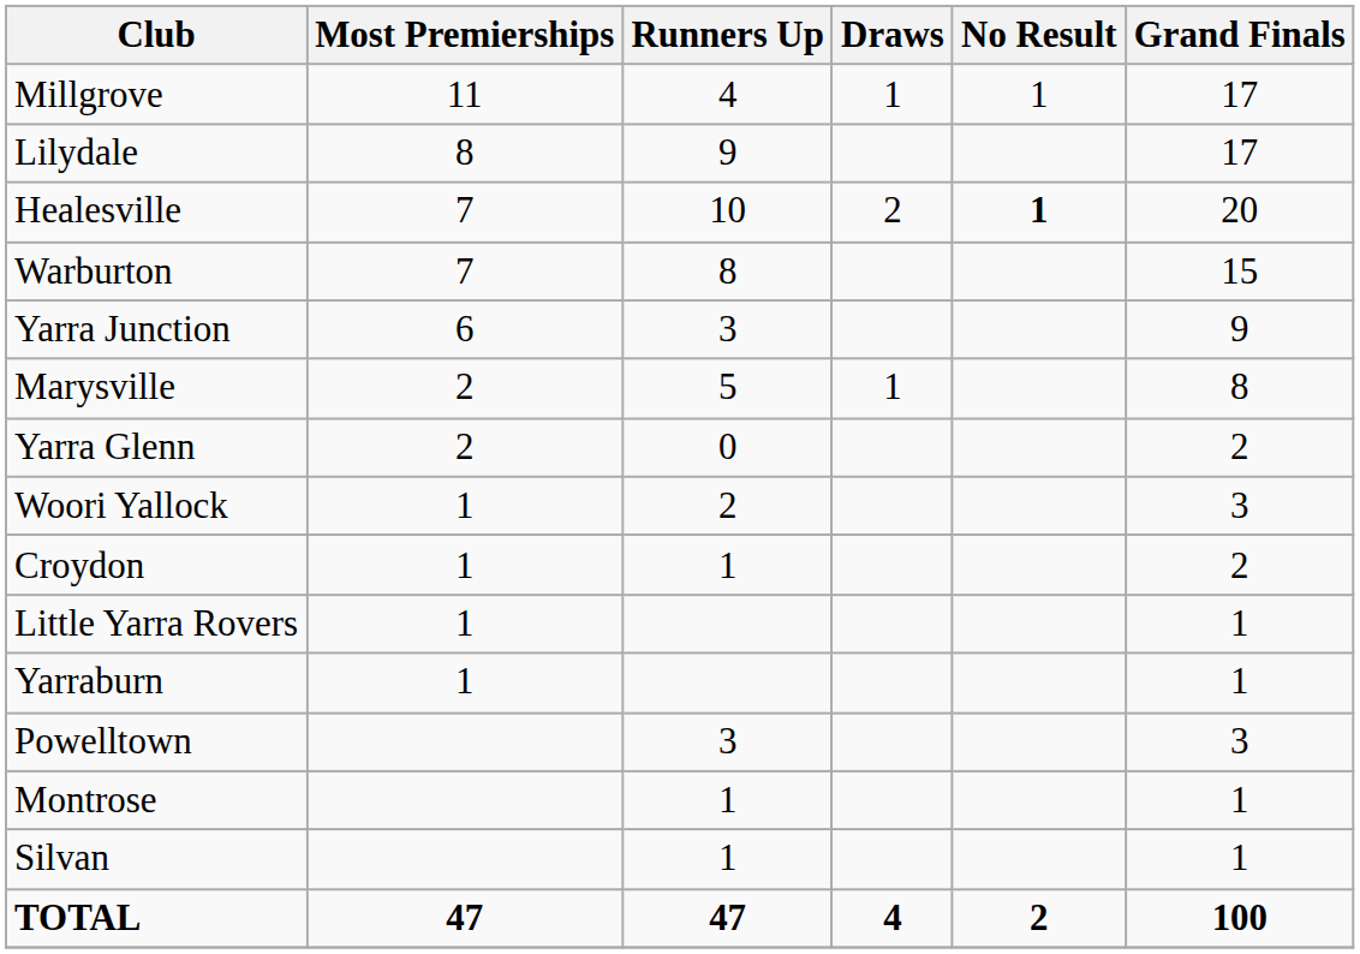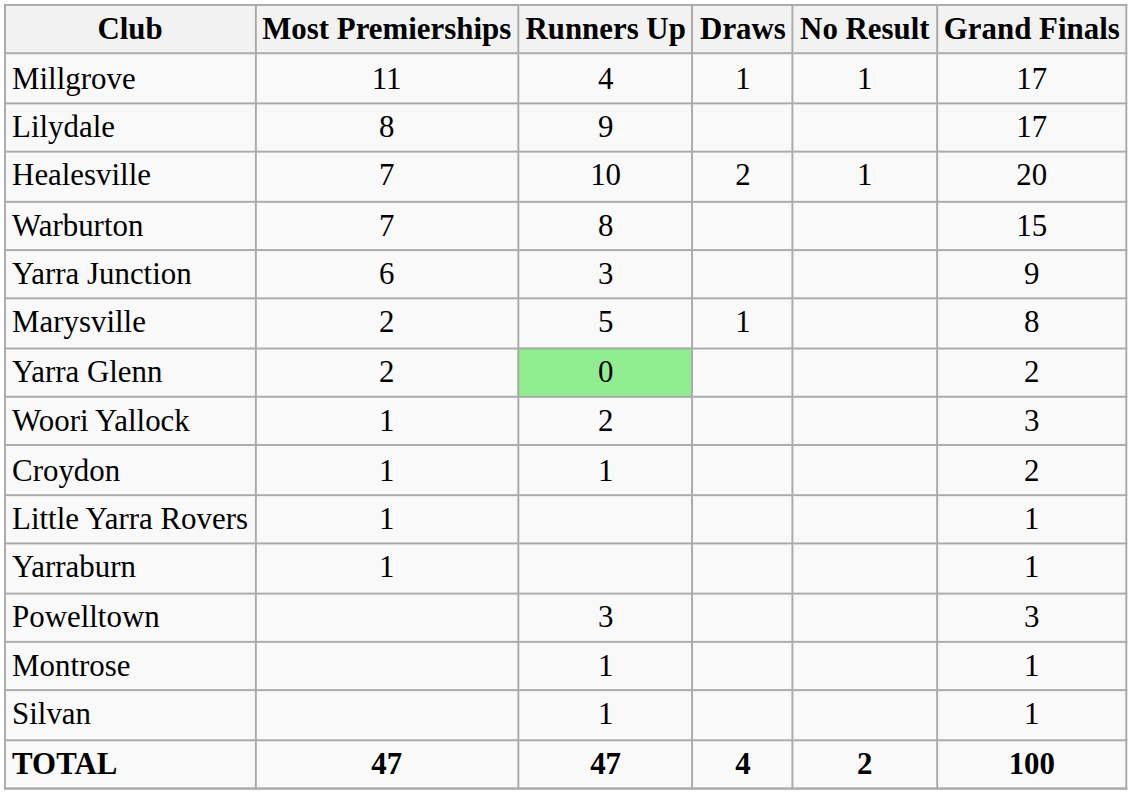 <table class="wikitable collapsible collapsed">
 <tr>
 <th>Club</th>
 <th><span><strong>Most Premierships</strong></span></th>
 <th>Runners Up</th>
 <th>Draws</th>
 <th>No Result</th>
 <th>Grand Finals</th>
 </tr>
 <tr>
 <td>Millgrove</td>
 <td align=center>11</td>
 <td align=center>4</td>
 <td align=center>1</td>
 <td align=center>1</td>
 <td align=center>17</td>
 </tr>
 <tr>
 <td>Lilydale</td>
 <td align=center>8</td>
 <td align=center>9</td>
 <td align=center></td>
 <td></td>
 <td align=center>17</td>
 </tr>
 <tr>
 <td>Healesville</td>
 <td align=center>7</td>
 <td align=center>10</td>
 <td align=center>2</td>
-<td align=center><strong>1</strong></td>
+<td align=center>1</td>
 <td align=center>20</td>
 </tr>
 <tr>
 <td>Warburton</td>
 <td align=center>7</td>
 <td align=center>8</td>
 <td align=center></td>
 <td></td>
 <td align=center>15</td>
 </tr>
 <tr>
 <td>Yarra Junction</td>
 <td align=center>6</td>
 <td align=center>3</td>
 <td align=center></td>
 <td></td>
 <td align=center>9</td>
 </tr>
 <tr>
 <td>Marysville</td>
 <td align=center>2</td>
 <td align=center>5</td>
 <td align=center>1</td>
 <td></td>
 <td align=center>8</td>
 </tr>
 <tr>
 <td>Yarra Glenn</td>
 <td align=center>2</td>
-<td align=center>0</td>
+<td align=center style="background: lightgreen;">0</td>
 <td align=center></td>
 <td></td>
 <td align=center>2</td>
 </tr>
 <tr>
 <td>Woori Yallock</td>
 <td align=center>1</td>
 <td align=center>2</td>
 <td align=center></td>
 <td></td>
 <td align=center>3</td>
 </tr>
 <tr>
 <td>Croydon</td>
 <td align=center>1</td>
 <td align=center>1</td>
 <td align=center></td>
 <td></td>
 <td align=center>2</td>
 </tr>
 <tr>
 <td>Little Yarra Rovers</td>
 <td align=center>1</td>
 <td align=center></td>
 <td align=center></td>
 <td></td>
 <td align=center>1</td>
 </tr>
 <tr>
 <td>Yarraburn</td>
 <td align=center>1</td>
 <td align=center></td>
 <td align=center></td>
 <td></td>
 <td align=center>1</td>
 </tr>
 <tr>
 <td>Powelltown</td>
 <td align=center></td>
 <td align=center>3</td>
 <td align=center></td>
 <td></td>
 <td align=center>3</td>
 </tr>
 <tr>
 <td>Montrose</td>
 <td align=center></td>
 <td align=center>1</td>
 <td align=center></td>
 <td></td>
 <td align=center>1</td>
 </tr>
 <tr>
 <td>Silvan</td>
 <td align=center></td>
 <td align=center>1</td>
 <td align=center></td>
 <td></td>
 <td align=center>1</td>
 </tr>
 <tr>
 <td><strong>TOTAL</strong></td>
 <td align=center><strong>47</strong></td>
 <td align=center><strong>47</strong></td>
 <td align=center><strong>4</strong></td>
 <td align=center><strong>2</strong></td>
 <td align=center><strong>100</strong></td>
 </tr>
 <tr>
 </tr>
 </table>
